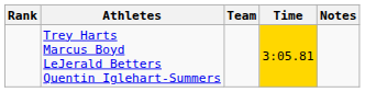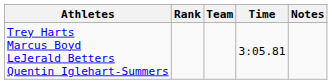 <table class="wikitable sortable">
 <tr>
+<th>Athletes</th>
 <th>Rank</th>
-<th>Athletes</th>
 <th>Team</th>
 <th>Time</th>
 <th>Notes</th>
 </tr>
 <tr>
+<td><a href='#'>Trey Harts</a><br><a href='#'>Marcus Boyd</a><br><a href='#'>LeJerald Betters</a><br><a href='#'>Quentin Iglehart-Summers</a></td>
 <td align=center></td>
-<td><a href='#'>Trey Harts</a><br><a href='#'>Marcus Boyd</a><br><a href='#'>LeJerald Betters</a><br><a href='#'>Quentin Iglehart-Summers</a></td>
 <td></td>
-<td style="background: gold;">3:05.81</td>
+<td>3:05.81</td>
 <td></td>
 </tr>
 </table>
